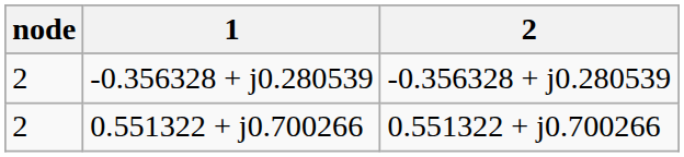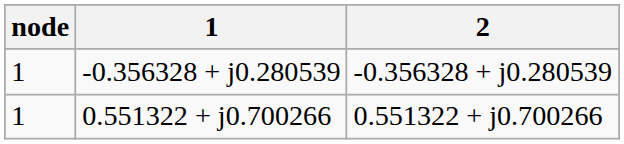 <table class="wikitable">
 <tr>
 <th>node</th>
 <th>1</th>
 <th>2</th>
 </tr>
 <tr>
-<td>2</td>
+<td>1</td>
 <td>-0.356328 + j0.280539</td>
 <td>-0.356328 + j0.280539</td>
 </tr>
 <tr>
-<td>2</td>
+<td>1</td>
 <td>0.551322 + j0.700266</td>
 <td>0.551322 + j0.700266</td>
 </tr>
 </table>
